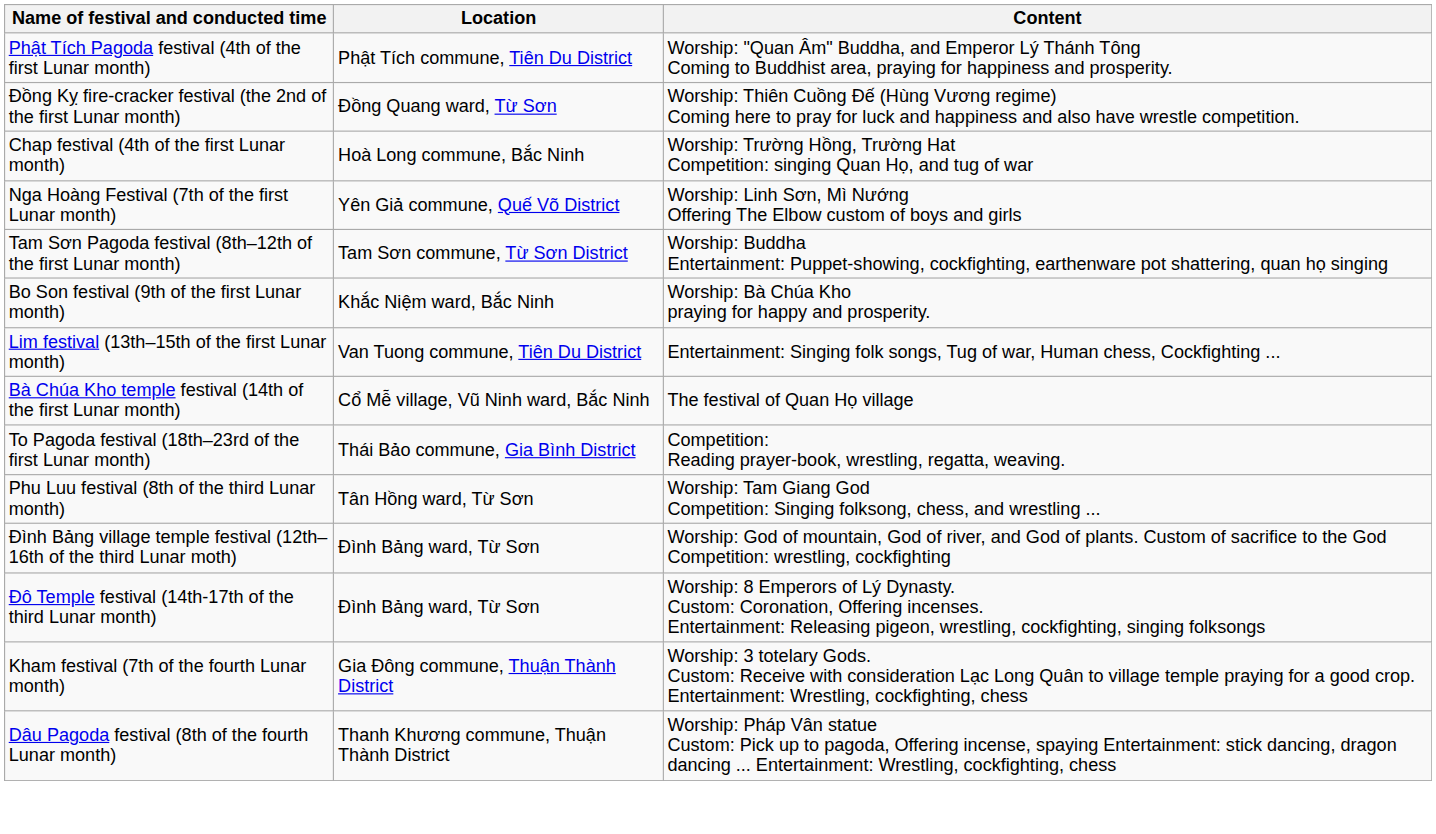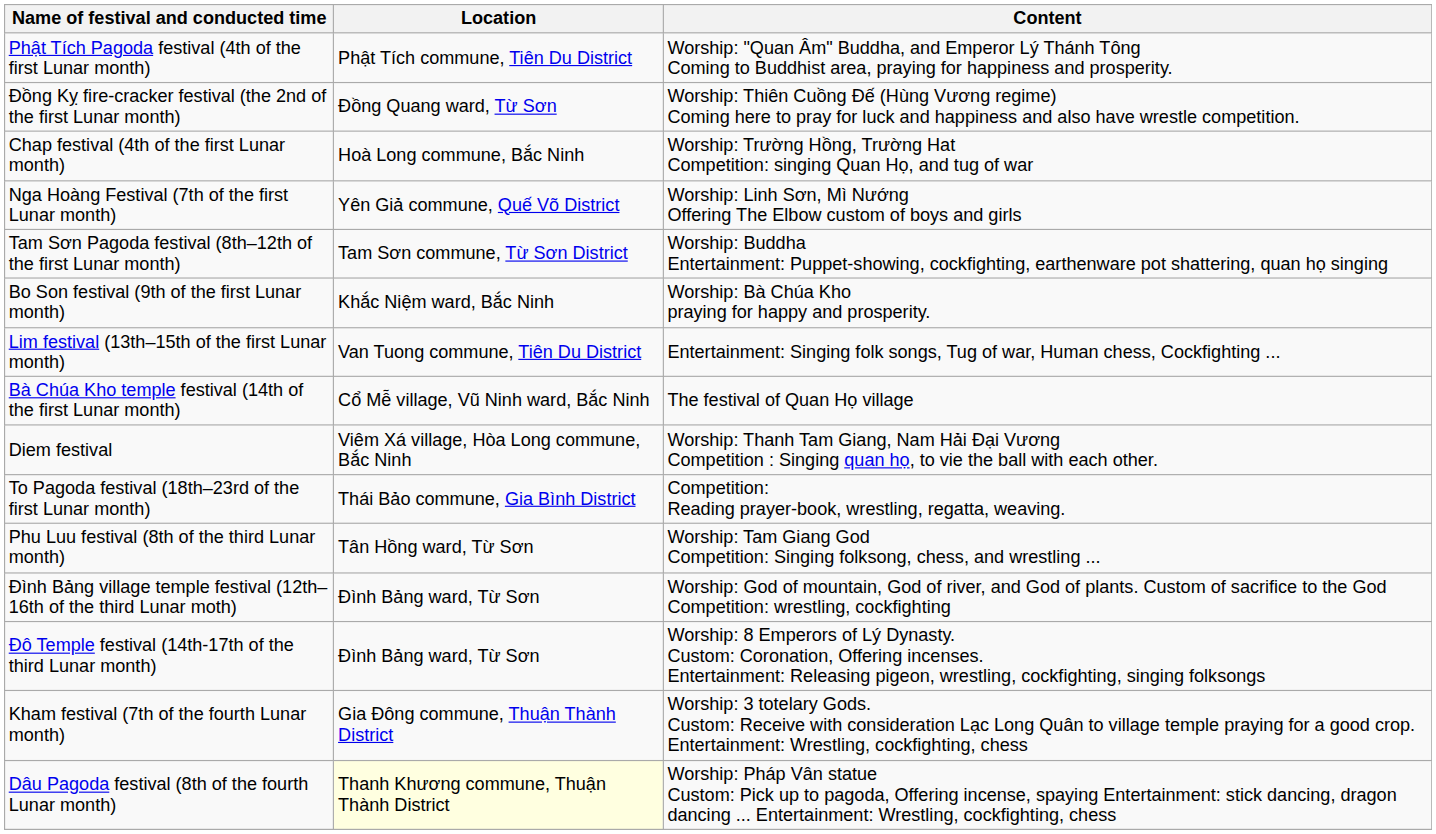 <table class="wikitable" style="width:100%;">
 <tr>
 <th style="width:15%;">Name of festival and conducted time</th>
 <th style="width:15%;">Location</th>
 <th style="width:35%;">Content</th>
 </tr>
 <tr>
 <td><a href='#'>Phật Tích Pagoda</a> festival (4th of the first Lunar month)</td>
 <td>Phật Tích commune, <a href='#'>Tiên Du District</a></td>
 <td>Worship: "Quan Âm" Buddha, and Emperor Lý Thánh Tông<br>Coming to Buddhist area, praying for happiness and prosperity.</td>
 </tr>
 <tr style="text-align:left;">
 <td>Đồng Kỵ fire-cracker festival (the 2nd of the first Lunar month)</td>
 <td>Đồng Quang ward, <a href='#'>Từ Sơn</a></td>
 <td>Worship: Thiên Cuồng Đế (Hùng Vương regime)<br>Coming here to pray for luck and happiness and also have wrestle competition.</td>
 </tr>
 <tr style="text-align:left;">
 <td>Chap festival (4th of the first Lunar month)</td>
 <td>Hoà Long commune, Bắc Ninh</td>
 <td>Worship: Trường Hồng, Trường Hat<br>Competition: singing Quan Họ, and tug of war</td>
 </tr>
 <tr style="text-align:left;">
 <td>Nga Hoàng Festival (7th of the first Lunar month)</td>
 <td>Yên Giả commune, <a href='#'>Quế Võ District</a></td>
 <td>Worship: Linh Sơn, Mì Nướng<br>Offering The Elbow custom of boys and girls</td>
 </tr>
 <tr style="text-align:left;">
 <td>Tam Sơn Pagoda festival (8th–12th of the first Lunar month)</td>
 <td>Tam Sơn commune, <a href='#'>Từ Sơn District</a></td>
 <td>Worship: Buddha<br>Entertainment: Puppet-showing, cockfighting, earthenware pot shattering, quan họ singing</td>
 </tr>
 <tr style="text-align:left;">
 <td>Bo Son festival (9th of the first Lunar month)</td>
 <td>Khắc Niệm ward, Bắc Ninh</td>
 <td>Worship: Bà Chúa Kho<br>praying for happy and prosperity.</td>
 </tr>
 <tr style="text-align:left;">
 <td><a href='#'>Lim festival</a> (13th–15th of the first Lunar month)</td>
 <td>Van Tuong commune, <a href='#'>Tiên Du District</a></td>
 <td>Entertainment: Singing folk songs, Tug of war, Human chess, Cockfighting ...</td>
 </tr>
 <tr style="text-align:left;">
 <td><a href='#'>Bà Chúa Kho temple</a> festival (14th of the first Lunar month)</td>
 <td>Cổ Mễ village, Vũ Ninh ward, Bắc Ninh</td>
 <td>The festival of Quan Họ village</td>
 </tr>
 <tr style="text-align:left;">
+<td>Diem festival</td>
+<td>Viêm Xá village, Hòa Long commune, Bắc Ninh</td>
+<td>Worship: Thanh Tam Giang, Nam Hải Đại Vương<br>Competition : Singing <a href='#'>quan họ</a>, to vie the ball with each other.</td>
+</tr>
+<tr style="text-align:left;">
 <td>To Pagoda festival (18th–23rd of the first Lunar month)</td>
 <td>Thái Bảo commune, <a href='#'>Gia Bình District</a></td>
 <td>Competition:<br>Reading prayer-book, wrestling, regatta, weaving.</td>
 </tr>
 <tr style="text-align:left;">
 <td>Phu Luu festival (8th of the third Lunar month)</td>
 <td>Tân Hồng ward, Từ Sơn</td>
 <td>Worship: Tam Giang God<br>Competition: Singing folksong, chess, and wrestling ...</td>
 </tr>
 <tr style="text-align:left;">
 <td>Đình Bảng village temple festival (12th–16th of the third Lunar moth)</td>
 <td>Đình Bảng ward, Từ Sơn</td>
 <td>Worship: God of mountain, God of river, and God of plants. Custom of sacrifice to the God Competition: wrestling, cockfighting</td>
 </tr>
 <tr style="text-align:left;">
 <td><a href='#'>Đô Temple</a> festival (14th-17th of the third Lunar month)</td>
 <td>Đình Bảng ward, Từ Sơn</td>
 <td>Worship: 8 Emperors of Lý Dynasty.<br>Custom: Coronation, Offering incenses.<br>Entertainment: Releasing pigeon, wrestling, cockfighting, singing folksongs</td>
 </tr>
 <tr style="text-align:left;">
 <td>Kham festival (7th of the fourth Lunar month)</td>
 <td>Gia Đông commune, <a href='#'>Thuận Thành District</a></td>
 <td>Worship: 3 totelary Gods.<br>Custom: Receive with consideration Lạc Long Quân to village temple praying for a good crop.<br>Entertainment: Wrestling, cockfighting, chess</td>
 </tr>
 <tr style="text-align:left;">
 <td><a href='#'>Dâu Pagoda</a> festival (8th of the fourth Lunar month)</td>
-<td>Thanh Khương commune, Thuận Thành District</td>
+<td style="background: lightyellow;">Thanh Khương commune, Thuận Thành District</td>
 <td>Worship: Pháp Vân statue<br>Custom: Pick up to pagoda, Offering incense, spaying Entertainment: stick dancing, dragon dancing ...  Entertainment: Wrestling, cockfighting, chess</td>
 </tr>
 <tr style="text-align:left;">
 </tr>
 </table>
